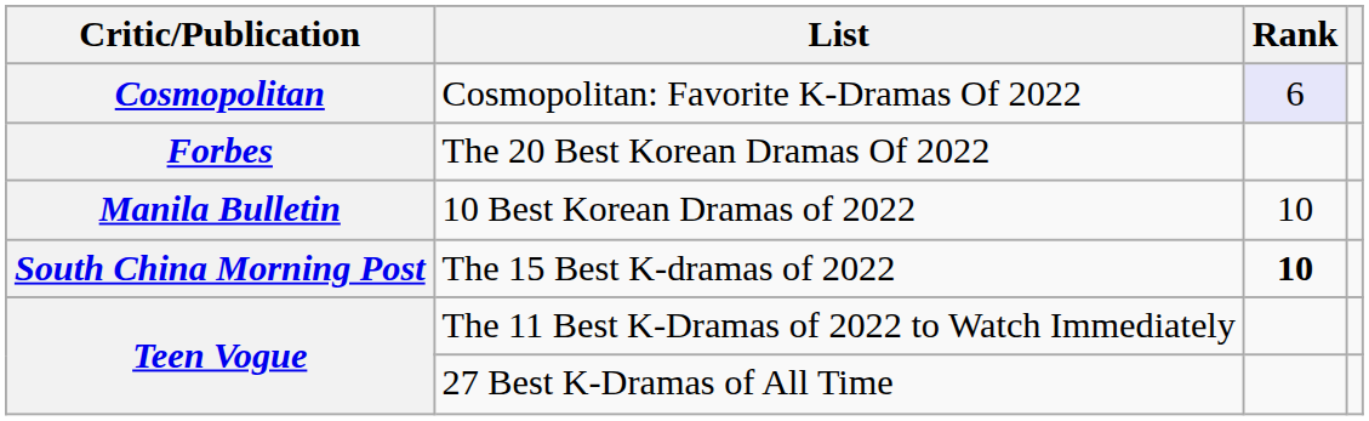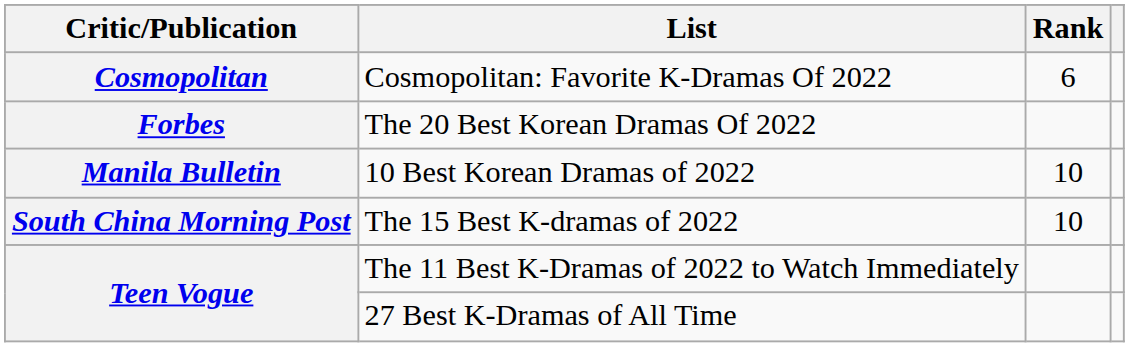 <table class="wikitable plainrowheaders sortable">
 <tr>
 <th scope="col">Critic/Publication</th>
 <th scope="col">List</th>
 <th scope="col">Rank</th>
 <th scope="col" class="unsortable"></th>
 </tr>
 <tr>
 <th scope="row"><em><a href='#'>Cosmopolitan</a></em></th>
 <td>Cosmopolitan: Favorite K-Dramas Of 2022</td>
-<td style="background: lavender; text-align:center">6</td>
+<td style="text-align:center">6</td>
 <td style="text-align:center"></td>
 </tr>
 <tr>
 <th scope="row"><em><a href='#'>Forbes</a></em></th>
 <td>The 20 Best Korean Dramas Of 2022</td>
 <td></td>
 <td style="text-align:center"></td>
 </tr>
 <tr>
 <th scope="row"><em><a href='#'>Manila Bulletin</a></em></th>
 <td>10 Best Korean Dramas of 2022</td>
 <td style="text-align:center">10</td>
 <td style="text-align:center"></td>
 </tr>
 <tr>
 <th scope="row"><em><a href='#'>South China Morning Post</a></em></th>
 <td>The 15 Best K-dramas of 2022</td>
-<td style="text-align:center"><strong>10</strong></td>
+<td style="text-align:center">10</td>
 <td style="text-align:center"></td>
 </tr>
 <tr>
 <th scope="row" rowspan="2"><em><a href='#'>Teen Vogue</a></em></th>
 <td>The 11 Best K-Dramas of 2022 to Watch Immediately</td>
 <td></td>
 <td style="text-align:center"></td>
 </tr>
 <tr>
 <td>27 Best K-Dramas of All Time</td>
 <td></td>
 <td style="text-align:center"></td>
 </tr>
 </table>
